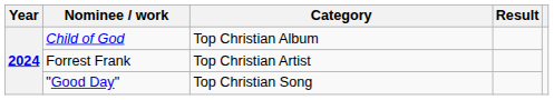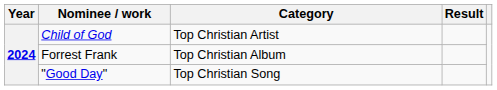 <table class="wikitable plainrowheaders">
 <tr>
 <th>Year</th>
 <th style="width:10em;">Nominee / work</th>
 <th style="width:21em;">Category</th>
 <th>Result</th>
 <th></th>
 </tr>
 <tr>
 <th scope="row" rowspan="3"><a href='#'>2024</a></th>
 <td><em><a href='#'>Child of God</a></em></td>
-<td>Top Christian Album</td>
+<td>Top Christian Artist</td>
 <td></td>
 <td rowspan="3"></td>
 </tr>
 <tr>
 <td>Forrest Frank</td>
-<td>Top Christian Artist</td>
+<td>Top Christian Album</td>
 <td></td>
 </tr>
 <tr>
 <td>"<a href='#'>Good Day</a>"</td>
 <td>Top Christian Song</td>
 <td></td>
 </tr>
 </table>
